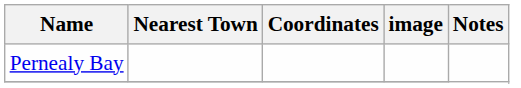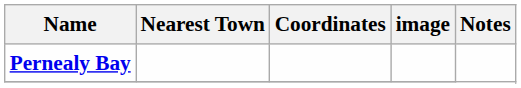 <table class="wikitable sortable" style="table-layout:fixed;background-color:#FEFEFE;font-size:95%;padding:0.30em;line-height:1.35em;">
 <tr>
 <th scope="col">Name</th>
 <th scope="col">Nearest Town</th>
 <th scope="col" data-sort-type="number">Coordinates</th>
 <th scope="col">image</th>
 <th class="unsortable">Notes</th>
 </tr>
 <tr>
-<td><a href='#'>Pernealy Bay</a></td>
+<td><strong><a href='#'>Pernealy Bay</a></strong></td>
 <td></td>
 <td></td>
 <td></td>
 </tr>
 <tr>
 </tr>
 </table>
